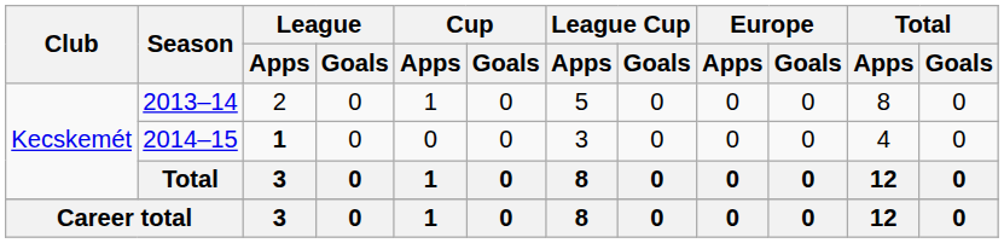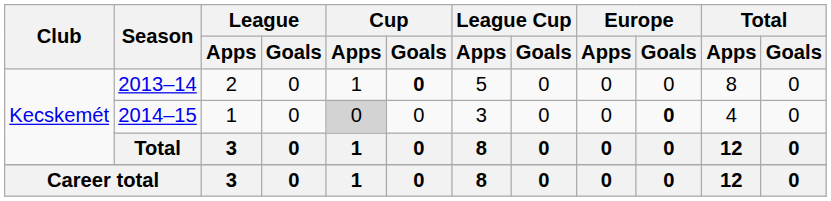 <table class="wikitable" style="text-align: center;">
 <tr>
 <th rowspan="2">Club</th>
 <th rowspan="2">Season</th>
 <th colspan="2">League</th>
 <th colspan="2">Cup</th>
 <th colspan="2">League Cup</th>
 <th colspan="2">Europe</th>
 <th colspan="2">Total</th>
 </tr>
 <tr>
 <th>Apps</th>
 <th>Goals</th>
 <th>Apps</th>
 <th>Goals</th>
 <th>Apps</th>
 <th>Goals</th>
 <th>Apps</th>
 <th>Goals</th>
 <th>Apps</th>
 <th>Goals</th>
 </tr>
 <tr>
 <td rowspan="3" valign="center"><a href='#'>Kecskemét</a></td>
 <td><a href='#'>2013–14</a></td>
 <td>2</td>
 <td>0</td>
 <td>1</td>
-<td>0</td>
+<td><strong>0</strong></td>
 <td>5</td>
 <td>0</td>
 <td>0</td>
 <td>0</td>
 <td>8</td>
 <td>0</td>
 </tr>
 <tr>
 <td><a href='#'>2014–15</a></td>
-<td><strong>1</strong></td>
+<td>1</td>
 <td>0</td>
-<td>0</td>
+<td style="background: lightgrey;">0</td>
 <td>0</td>
 <td>3</td>
 <td>0</td>
 <td>0</td>
-<td>0</td>
+<td><strong>0</strong></td>
 <td>4</td>
 <td>0</td>
 </tr>
 <tr>
 <th>Total</th>
 <th>3</th>
 <th>0</th>
 <th>1</th>
 <th>0</th>
 <th>8</th>
 <th>0</th>
 <th>0</th>
 <th>0</th>
 <th>12</th>
 <th>0</th>
 </tr>
 <tr>
 </tr>
 <tr>
 <th colspan="2">Career total</th>
 <th>3</th>
 <th>0</th>
 <th>1</th>
 <th>0</th>
 <th>8</th>
 <th>0</th>
 <th>0</th>
 <th>0</th>
 <th>12</th>
 <th>0</th>
 </tr>
 </table>
